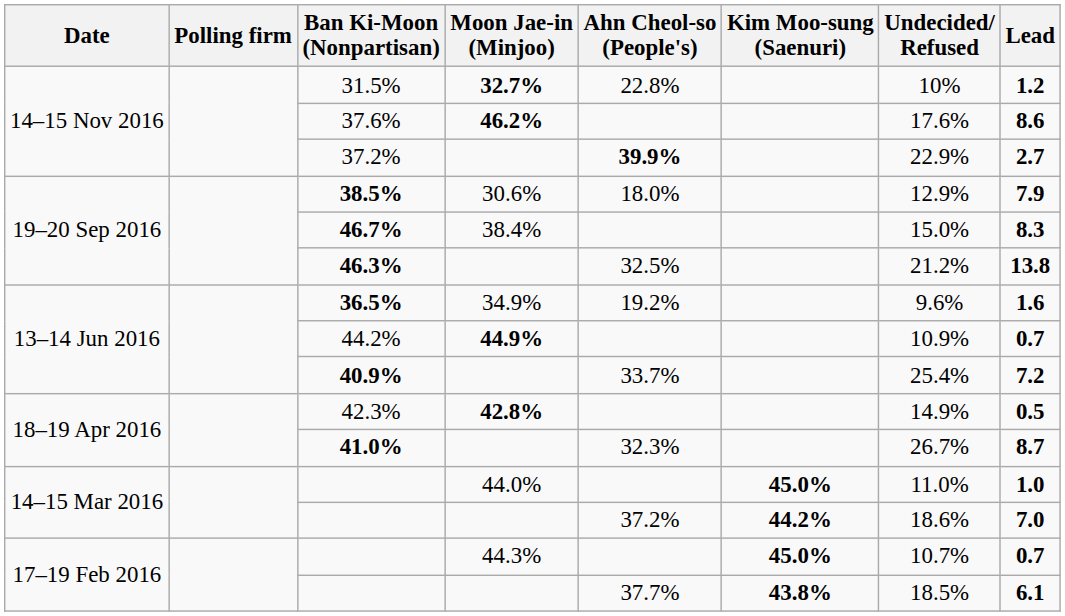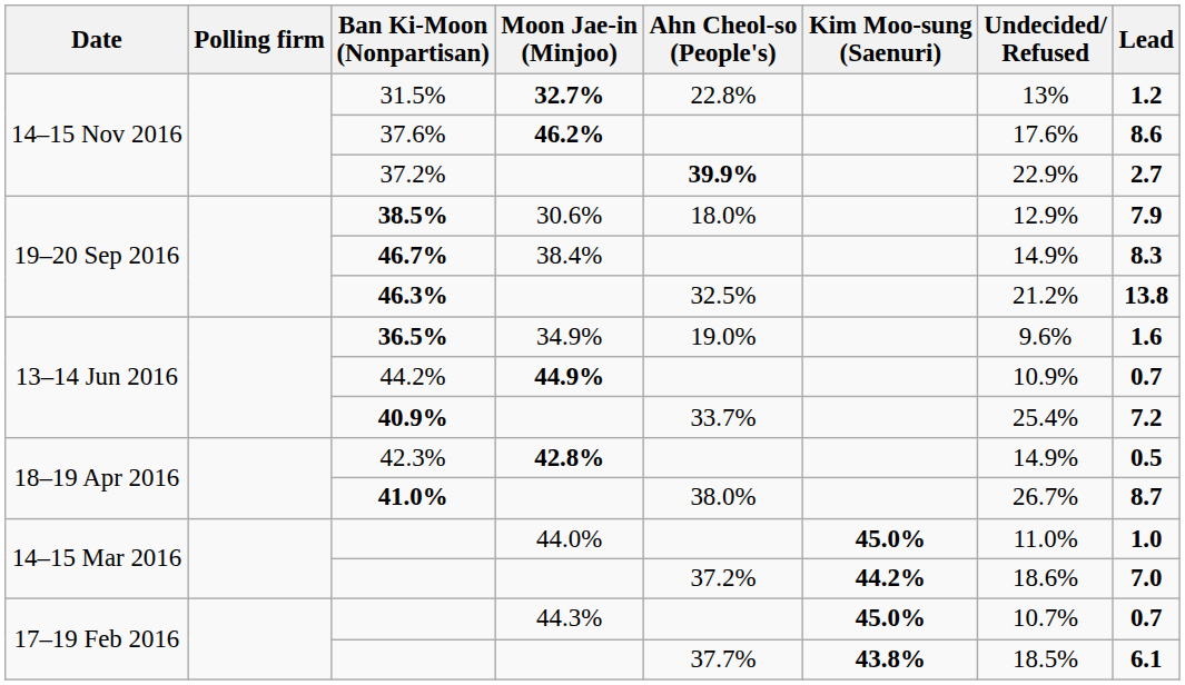 <table class="wikitable mw-collapsible mw-collapsed" style="text-align:center">
 <tr>
 <th>Date</th>
 <th>Polling firm</th>
 <th nowrap>Ban Ki-Moon<br>(Nonpartisan)</th>
 <th>Moon Jae-in<br>(Minjoo)</th>
 <th>Ahn Cheol-so<br>(People's)</th>
 <th>Kim Moo-sung<br>(Saenuri)</th>
 <th>Undecided/<br>Refused</th>
 <th>Lead</th>
 </tr>
 <tr>
 <td rowspan="3" style="text-align: center;">14–15 Nov 2016</td>
 <td rowspan="3" style="text-align: center;"></td>
 <td align=center>31.5%</td>
 <td align=center ><strong>32.7%</strong></td>
 <td align=center>22.8%</td>
 <td></td>
-<td align=center>10%</td>
+<td align=center>13%</td>
 <td style="text-align: center; background:"><strong>1.2</strong></td>
 </tr>
 <tr>
 <td align=center>37.6%</td>
 <td align=center ><strong>46.2%</strong></td>
 <td></td>
 <td></td>
 <td align=center>17.6%</td>
 <td style="text-align: center; background:"><strong>8.6</strong></td>
 </tr>
 <tr>
 <td align=center>37.2%</td>
 <td></td>
 <td style="text-align: center; background:"><strong>39.9%</strong></td>
 <td></td>
 <td align=center>22.9%</td>
 <td style="text-align: center; background:"><strong>2.7</strong></td>
 </tr>
 <tr>
 <td rowspan="3" style="text-align: center;">19–20 Sep 2016</td>
 <td rowspan="3" style="text-align: center;"></td>
 <td align=center ><strong>38.5%</strong></td>
 <td align=center>30.6%</td>
 <td align=center>18.0%</td>
 <td></td>
 <td align=center>12.9%</td>
 <td style="text-align: center; background:"><strong>7.9</strong></td>
 </tr>
 <tr>
 <td align=center ><strong>46.7%</strong></td>
 <td align=center>38.4%</td>
 <td></td>
 <td></td>
-<td align=center>15.0%</td>
+<td align=center>14.9%</td>
 <td style="text-align: center; background:"><strong>8.3</strong></td>
 </tr>
 <tr>
 <td align=center ><strong>46.3%</strong></td>
 <td></td>
 <td align=center>32.5%</td>
 <td></td>
 <td align=center>21.2%</td>
 <td style="text-align: center; background:"><strong>13.8</strong></td>
 </tr>
 <tr>
 <td rowspan="3" style="text-align: center;">13–14 Jun 2016</td>
 <td rowspan="3" style="text-align: center;"></td>
 <td align=center ><strong>36.5%</strong></td>
 <td align=center>34.9%</td>
-<td align=center>19.2%</td>
+<td align=center>19.0%</td>
 <td></td>
 <td align=center>9.6%</td>
 <td style="text-align: center; background:"><strong>1.6</strong></td>
 </tr>
 <tr>
 <td align=center>44.2%</td>
 <td align=center ><strong>44.9%</strong></td>
 <td></td>
 <td></td>
 <td align=center>10.9%</td>
 <td style="text-align: center; background:"><strong>0.7</strong></td>
 </tr>
 <tr>
 <td align=center ><strong>40.9%</strong></td>
 <td></td>
 <td align=center>33.7%</td>
 <td></td>
 <td align=center>25.4%</td>
 <td style="text-align: center; background:"><strong>7.2</strong></td>
 </tr>
 <tr>
 <td rowspan="2" style="text-align: center;">18–19 Apr 2016</td>
 <td rowspan="2" style="text-align: center;"></td>
 <td align=center>42.3%</td>
 <td align=center ><strong>42.8%</strong></td>
 <td></td>
 <td></td>
 <td align=center>14.9%</td>
 <td style="text-align: center; background:"><strong>0.5</strong></td>
 </tr>
 <tr>
 <td align=center ><strong>41.0%</strong></td>
 <td></td>
-<td align=center>32.3%</td>
+<td align=center>38.0%</td>
 <td></td>
 <td align=center>26.7%</td>
 <td style="text-align: center; background:"><strong>8.7</strong></td>
 </tr>
 <tr>
 <td rowspan="2" style="text-align: center;">14–15 Mar 2016</td>
 <td rowspan="2" style="text-align: center;"></td>
 <td></td>
 <td align=center>44.0%</td>
 <td></td>
 <td align=center ><strong>45.0%</strong></td>
 <td align=center>11.0%</td>
 <td style="text-align: center; background:"><strong>1.0</strong></td>
 </tr>
 <tr>
 <td></td>
 <td></td>
 <td align=center>37.2%</td>
 <td align=center ><strong>44.2%</strong></td>
 <td align=center>18.6%</td>
 <td style="text-align: center; background:"><strong>7.0</strong></td>
 </tr>
 <tr>
 <td rowspan="2" style="text-align: center;">17–19 Feb 2016</td>
 <td rowspan="2" style="text-align: center;"></td>
 <td></td>
 <td align=center>44.3%</td>
 <td></td>
 <td align=center ><strong>45.0%</strong></td>
 <td align=center>10.7%</td>
 <td style="text-align: center; background:"><strong>0.7</strong></td>
 </tr>
 <tr>
 <td></td>
 <td></td>
 <td align=center>37.7%</td>
 <td align=center ><strong>43.8%</strong></td>
 <td align=center>18.5%</td>
 <td style="text-align: center; background:"><strong>6.1</strong></td>
 </tr>
 </table>
